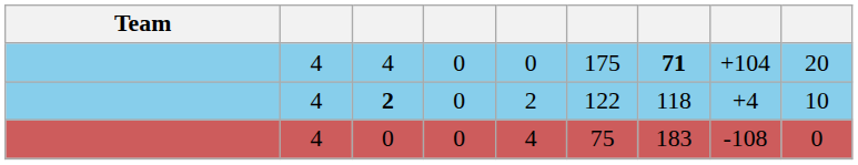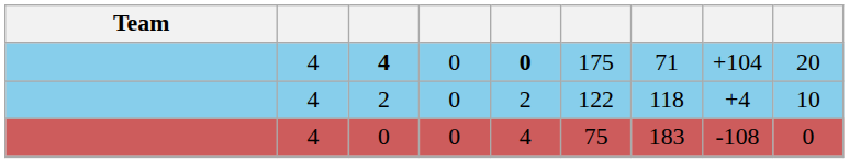 <table class="wikitable sortable" style="text-align:center">
 <tr>
 <th width="175">Team</th>
 <th width="40"></th>
 <th width="40"></th>
 <th width="40"></th>
 <th width="40"></th>
 <th width="40"></th>
 <th width="40"></th>
 <th width="40"></th>
 <th width="40"></th>
 </tr>
 <tr style="background:#87ceeb">
 <td align="left"></td>
 <td>4</td>
-<td>4</td>
+<td><strong>4</strong></td>
 <td>0</td>
-<td>0</td>
+<td><strong>0</strong></td>
 <td>175</td>
-<td><strong>71</strong></td>
+<td>71</td>
 <td>+104</td>
 <td>20</td>
 </tr>
 <tr style="background:#87ceeb">
 <td align="left"></td>
 <td>4</td>
-<td><strong>2</strong></td>
+<td>2</td>
 <td>0</td>
 <td>2</td>
 <td>122</td>
 <td>118</td>
 <td>+4</td>
 <td>10</td>
 </tr>
 <tr style="background:#cd5c5c">
 <td align="left"></td>
 <td>4</td>
 <td>0</td>
 <td>0</td>
 <td>4</td>
 <td>75</td>
 <td>183</td>
 <td>-108</td>
 <td>0</td>
 </tr>
 <tr>
 </tr>
 </table>
